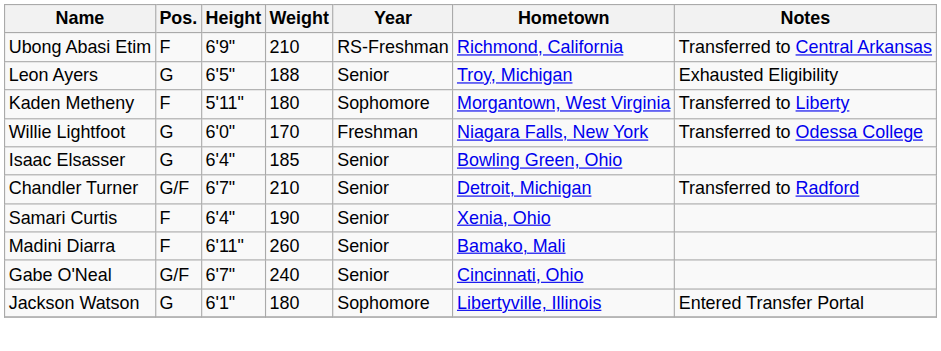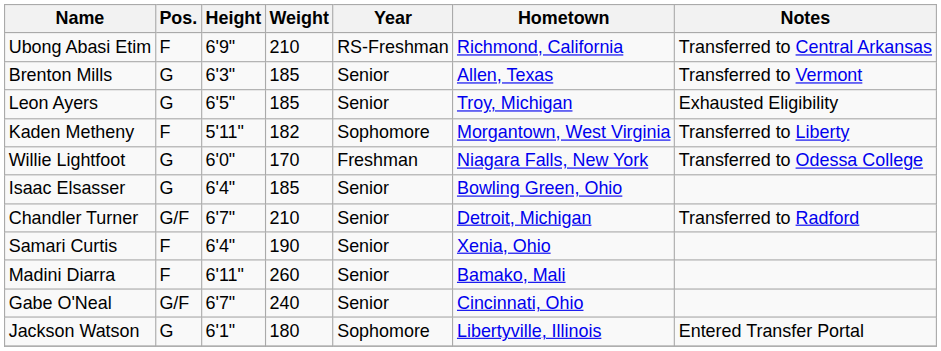 <table class="wikitable sortable" border="1">
 <tr align=center>
 <th>Name</th>
 <th>Pos.</th>
 <th>Height</th>
 <th>Weight</th>
 <th>Year</th>
 <th>Hometown</th>
 <th>Notes</th>
 </tr>
 <tr>
 <td>Ubong Abasi Etim</td>
 <td>F</td>
 <td>6'9"</td>
 <td>210</td>
 <td>RS-Freshman</td>
 <td><a href='#'>Richmond, California</a></td>
 <td>Transferred to <a href='#'>Central Arkansas</a></td>
 </tr>
 <tr>
+<td>Brenton Mills</td>
+<td>G</td>
+<td>6'3"</td>
+<td>185</td>
+<td>Senior</td>
+<td><a href='#'>Allen, Texas</a></td>
+<td>Transferred to <a href='#'>Vermont</a></td>
+</tr>
+<tr>
 <td>Leon Ayers</td>
 <td>G</td>
 <td>6'5"</td>
-<td>188</td>
+<td>185</td>
 <td>Senior</td>
 <td><a href='#'>Troy, Michigan</a></td>
 <td>Exhausted Eligibility</td>
 </tr>
 <tr>
 <td>Kaden Metheny</td>
 <td>F</td>
 <td>5'11"</td>
-<td>180</td>
+<td>182</td>
 <td>Sophomore</td>
 <td><a href='#'>Morgantown, West Virginia</a></td>
 <td>Transferred to <a href='#'>Liberty</a></td>
 </tr>
 <tr>
 <td>Willie Lightfoot</td>
 <td>G</td>
 <td>6'0"</td>
 <td>170</td>
 <td>Freshman</td>
 <td><a href='#'>Niagara Falls, New York</a></td>
 <td>Transferred to <a href='#'>Odessa College</a></td>
 </tr>
 <tr>
 <td>Isaac Elsasser</td>
 <td>G</td>
 <td>6'4"</td>
 <td>185</td>
 <td>Senior</td>
 <td><a href='#'>Bowling Green, Ohio</a></td>
 <td></td>
 </tr>
 <tr>
 <td>Chandler Turner</td>
 <td>G/F</td>
 <td>6'7"</td>
 <td>210</td>
 <td>Senior</td>
 <td><a href='#'>Detroit, Michigan</a></td>
 <td>Transferred to <a href='#'>Radford</a></td>
 </tr>
 <tr>
 <td>Samari Curtis</td>
 <td>F</td>
 <td>6'4"</td>
 <td>190</td>
 <td>Senior</td>
 <td><a href='#'>Xenia, Ohio</a></td>
 <td></td>
 </tr>
 <tr>
 <td>Madini Diarra</td>
 <td>F</td>
 <td>6'11"</td>
 <td>260</td>
 <td>Senior</td>
 <td><a href='#'>Bamako, Mali</a></td>
 <td></td>
 </tr>
 <tr>
 <td>Gabe O'Neal</td>
 <td>G/F</td>
 <td>6'7"</td>
 <td>240</td>
 <td>Senior</td>
 <td><a href='#'>Cincinnati, Ohio</a></td>
 <td></td>
 </tr>
 <tr>
 <td>Jackson Watson</td>
 <td>G</td>
 <td>6'1"</td>
 <td>180</td>
 <td>Sophomore</td>
 <td><a href='#'>Libertyville, Illinois</a></td>
 <td>Entered Transfer Portal</td>
 </tr>
 <tr>
 </tr>
 </table>
